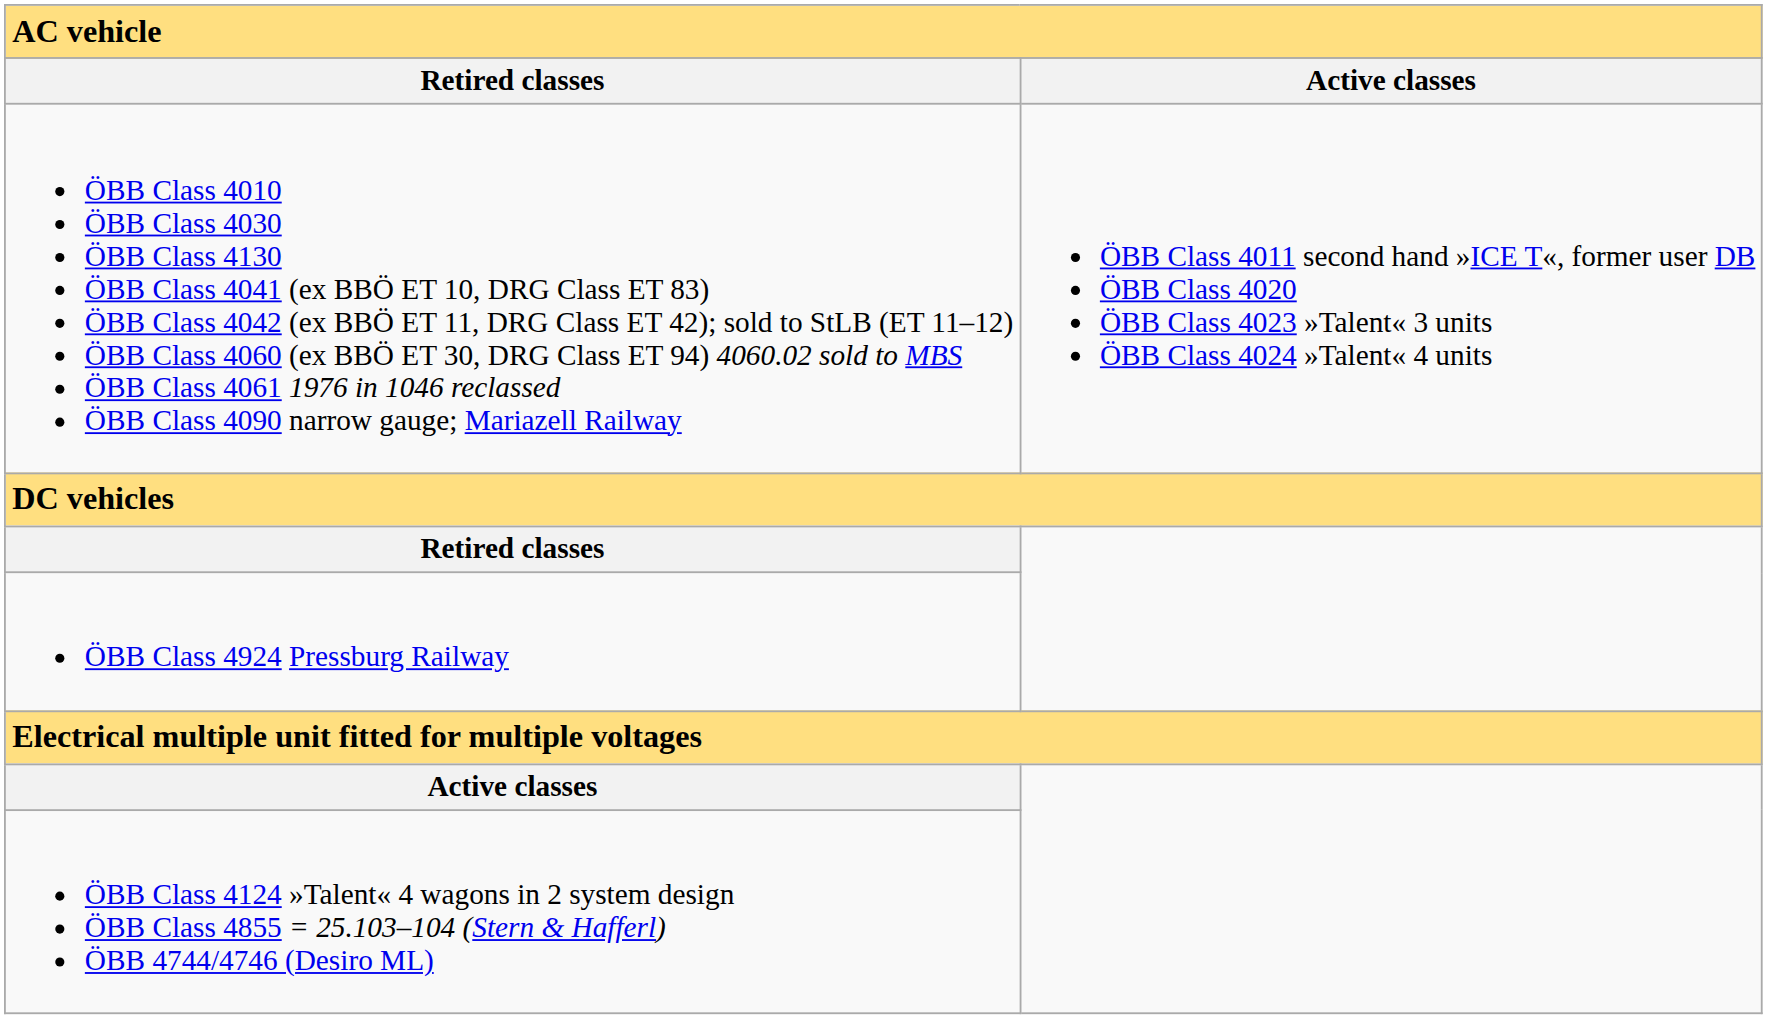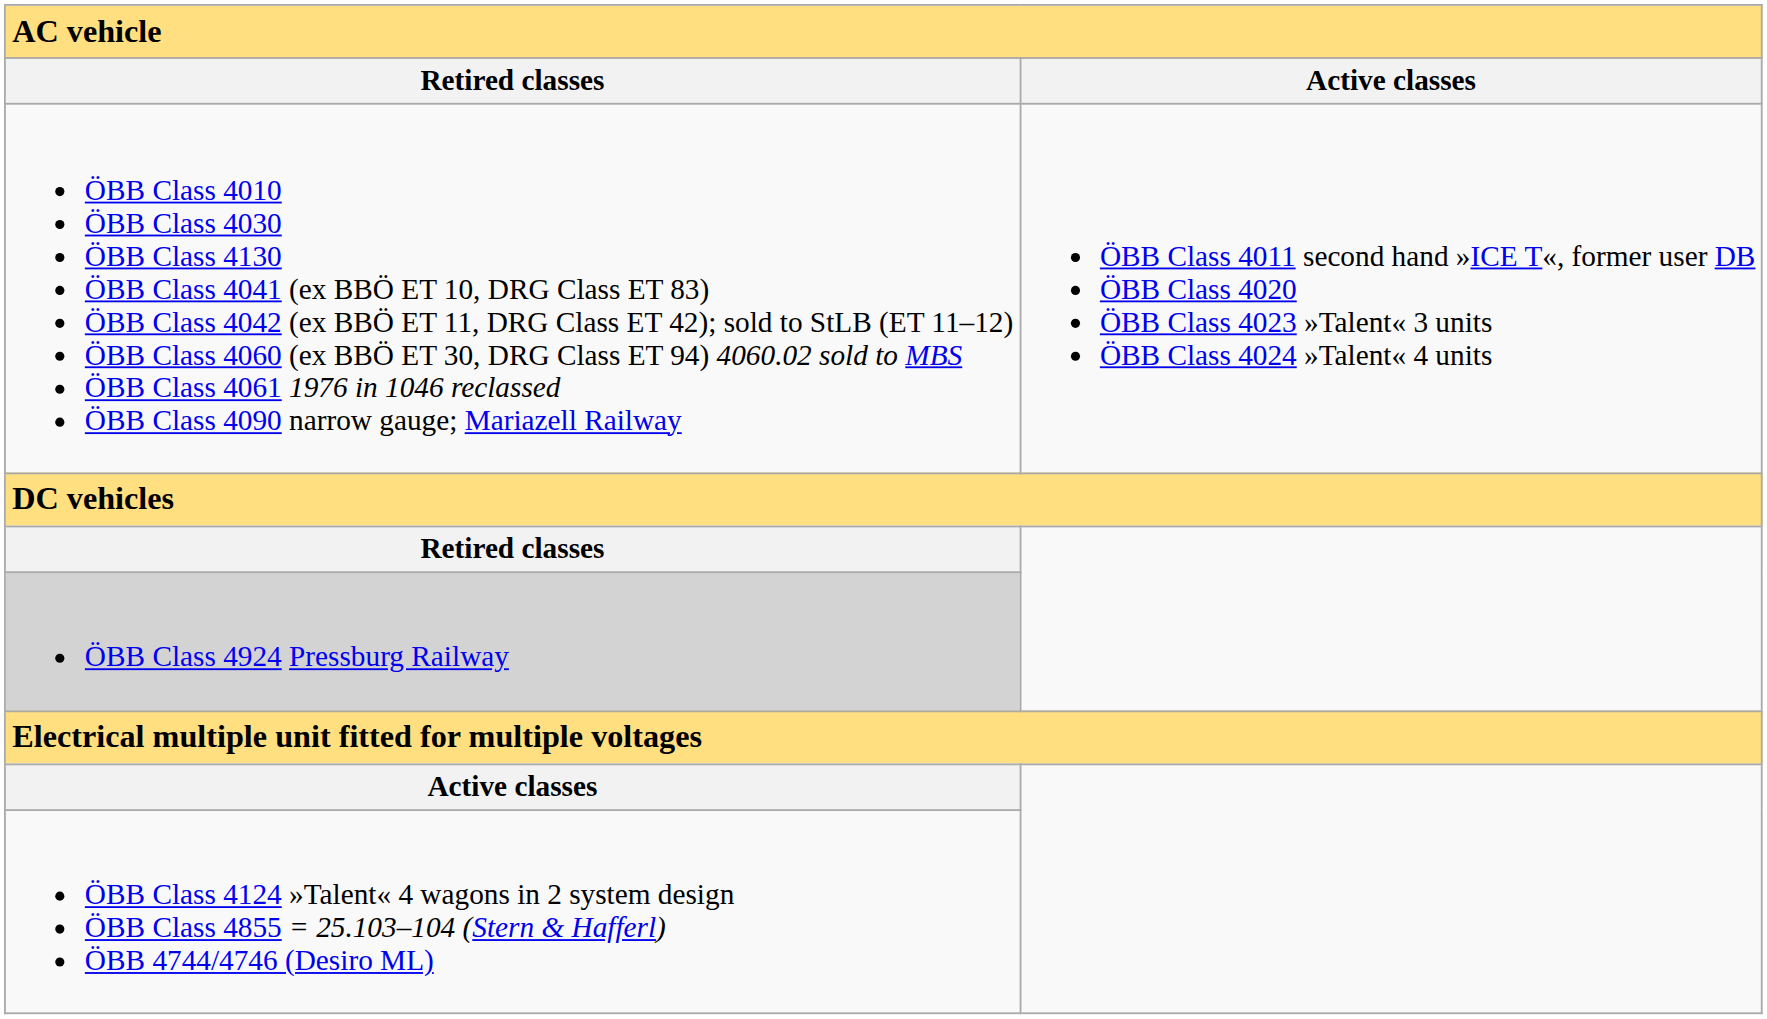 <table class="wikitable">
 <tr>
 <td colspan="2" style="background-color:#FFDF80; font-weight:bold; font-size:110%">AC vehicle</td>
 </tr>
 <tr>
 <th>Retired classes</th>
 <th>Active classes</th>
 </tr>
 <tr>
 <td><br><ul><li><a href='#'>ÖBB Class 4010</a></li><li><a href='#'>ÖBB Class 4030</a></li><li><a href='#'>ÖBB Class 4130</a></li><li><a href='#'>ÖBB Class 4041</a> (ex BBÖ ET 10, DRG Class ET 83)</li><li><a href='#'>ÖBB Class 4042</a> (ex BBÖ ET 11, DRG Class ET 42); sold to StLB (ET 11–12)</li><li><a href='#'>ÖBB Class 4060</a> (ex BBÖ ET 30, DRG Class ET 94) <em>4060.02 sold to <a href='#'>MBS</a></em></li><li><a href='#'>ÖBB Class 4061</a> <em>1976 in 1046 reclassed</em></li><li><a href='#'>ÖBB Class 4090</a> narrow gauge; <a href='#'>Mariazell Railway</a></li></ul></td>
 <td><br><ul><li><a href='#'>ÖBB Class 4011</a> second hand »<a href='#'>ICE T</a>«, former user <a href='#'>DB</a></li><li><a href='#'>ÖBB Class 4020</a></li><li><a href='#'>ÖBB Class 4023</a> »Talent« 3 units</li><li><a href='#'>ÖBB Class 4024</a> »Talent« 4 units</li></ul></td>
 </tr>
 <tr>
 <td colspan="2" style="background-color:#FFDF80; font-weight:bold; font-size:110%">DC vehicles</td>
 </tr>
 <tr>
 <th>Retired classes</th>
 </tr>
 <tr>
-<td><br><ul><li><a href='#'>ÖBB Class 4924</a> <a href='#'>Pressburg Railway</a></li></ul></td>
+<td style="background: lightgrey;"><br><ul><li><a href='#'>ÖBB Class 4924</a> <a href='#'>Pressburg Railway</a></li></ul></td>
 </tr>
 <tr>
 <td colspan="2" style="background-color:#FFDF80; font-weight:bold; font-size:110%">Electrical multiple unit fitted for multiple voltages</td>
 </tr>
 <tr>
 <th>Active classes</th>
 </tr>
 <tr>
 <td><br><ul><li><a href='#'>ÖBB Class 4124</a> »Talent« 4 wagons in 2 system design</li><li><a href='#'>ÖBB Class 4855</a> <em>= 25.103–104 (<a href='#'>Stern & Hafferl</a>)</em></li><li><a href='#'>ÖBB 4744/4746 (Desiro ML)</a></li></ul></td>
 </tr>
 </table>
